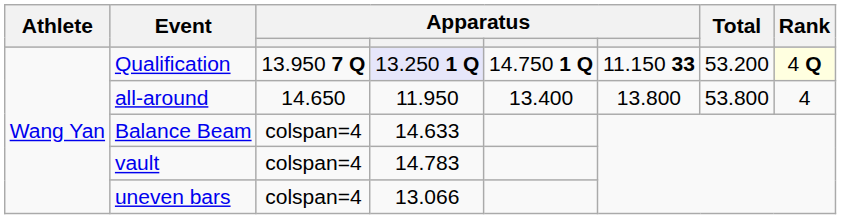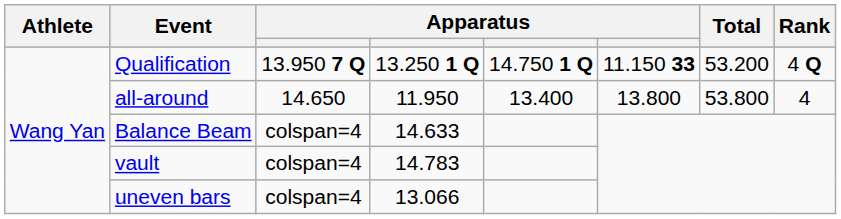 <table class="wikitable" style="font-size:90%">
 <tr>
 <th rowspan=2>Athlete</th>
 <th rowspan=2>Event</th>
 <th colspan =4>Apparatus</th>
 <th rowspan=2>Total</th>
 <th rowspan=2>Rank</th>
 </tr>
 <tr style="font-size:95%">
 <th></th>
 <th></th>
 <th></th>
 <th></th>
 </tr>
 <tr align=center>
 <td align=left rowspan=5><a href='#'>Wang Yan</a></td>
 <td align=left><a href='#'>Qualification</a></td>
 <td>13.950	<strong>7 Q	</strong></td>
-<td style="background: lavender;">13.250	<strong>1 Q</strong></td>
+<td>13.250	<strong>1 Q</strong></td>
 <td>14.750	<strong>1 Q</strong></td>
 <td>11.150	<strong>33</strong></td>
 <td>53.200</td>
-<td style="background: lightyellow;">4 <strong>Q</strong></td>
+<td>4 <strong>Q</strong></td>
 </tr>
 <tr align=center>
 <td align=left><a href='#'>all-around</a></td>
 <td>14.650</td>
 <td>11.950</td>
 <td>13.400</td>
 <td>13.800</td>
 <td>53.800</td>
 <td>4</td>
 </tr>
 <tr align=center>
 <td align=left><a href='#'>Balance Beam</a></td>
 <td>colspan=4 </td>
 <td>14.633</td>
 <td></td>
 </tr>
 <tr align=center>
 <td align=left><a href='#'>vault</a></td>
 <td>colspan=4 </td>
 <td>14.783</td>
 <td></td>
 </tr>
 <tr align=center>
 <td align=left><a href='#'>uneven bars</a></td>
 <td>colspan=4 </td>
 <td>13.066</td>
 <td></td>
 </tr>
 </table>
